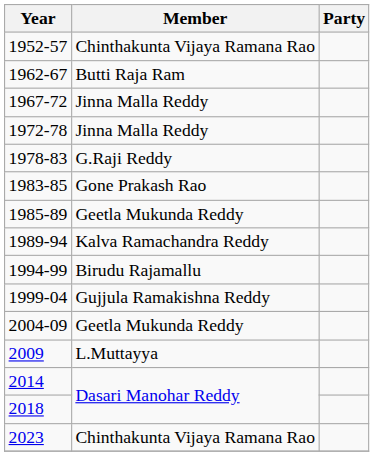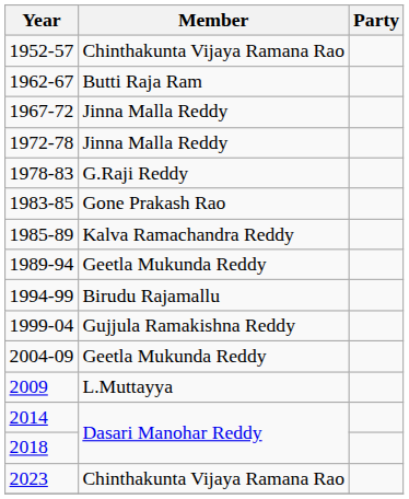 <table class="wikitable sortable">
 <tr>
 <th>Year</th>
 <th>Member</th>
 <th colspan="2">Party</th>
 </tr>
 <tr>
 <td>1952-57</td>
 <td>Chinthakunta Vijaya Ramana Rao</td>
 <td></td>
 </tr>
 <tr>
 <td>1962-67</td>
 <td>Butti Raja Ram</td>
 <td></td>
 </tr>
 <tr>
 <td>1967-72</td>
 <td>Jinna Malla Reddy</td>
 <td></td>
 </tr>
 <tr>
 <td>1972-78</td>
 <td>Jinna Malla Reddy</td>
 <td></td>
 </tr>
 <tr>
 <td>1978-83</td>
 <td>G.Raji Reddy</td>
 </tr>
 <tr>
 <td>1983-85</td>
 <td>Gone Prakash Rao</td>
 <td></td>
 </tr>
 <tr>
 <td>1985-89</td>
-<td>Geetla Mukunda Reddy</td>
+<td>Kalva Ramachandra Reddy</td>
 <td></td>
 </tr>
 <tr>
 <td>1989-94</td>
-<td>Kalva Ramachandra Reddy</td>
+<td>Geetla Mukunda Reddy</td>
 <td></td>
 </tr>
 <tr>
 <td>1994-99</td>
 <td>Birudu Rajamallu</td>
 <td></td>
 </tr>
 <tr>
 <td>1999-04</td>
 <td>Gujjula Ramakishna Reddy</td>
 <td></td>
 </tr>
 <tr>
 <td>2004-09</td>
 <td>Geetla Mukunda Reddy</td>
 <td></td>
 </tr>
 <tr>
 <td><a href='#'>2009</a></td>
 <td>L.Muttayya</td>
 <td></td>
 </tr>
 <tr>
 <td><a href='#'>2014</a></td>
 <td rowspan=2><a href='#'>Dasari Manohar Reddy</a></td>
 <td></td>
 </tr>
 <tr>
 <td><a href='#'>2018</a></td>
 </tr>
 <tr>
 <td><a href='#'>2023</a></td>
 <td>Chinthakunta Vijaya Ramana Rao</td>
 <td></td>
 </tr>
 <tr>
 </tr>
 </table>
